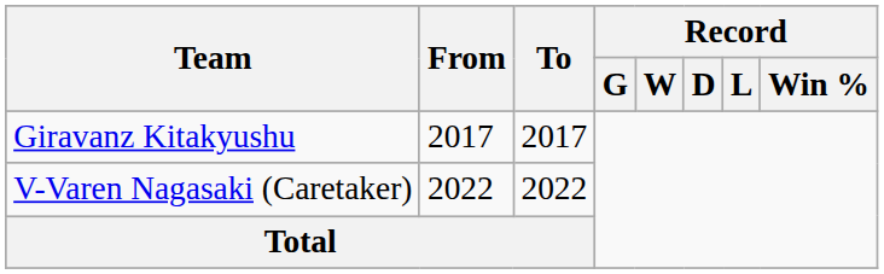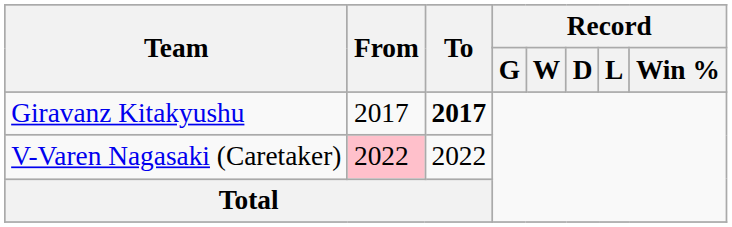 <table class="wikitable" style="text-align: center">
 <tr>
 <th rowspan="2">Team</th>
 <th rowspan="2">From</th>
 <th rowspan="2">To</th>
 <th colspan="5">Record</th>
 </tr>
 <tr>
 <th>G</th>
 <th>W</th>
 <th>D</th>
 <th>L</th>
 <th>Win %</th>
 </tr>
 <tr>
 <td align="left"><a href='#'>Giravanz Kitakyushu</a></td>
 <td align="left">2017</td>
-<td align="left">2017<br></td>
+<td align="left"><strong>2017<br></strong></td>
 </tr>
 <tr>
 <td align="left"><a href='#'>V-Varen Nagasaki</a> (Caretaker)</td>
-<td align="left">2022</td>
+<td align="left" style="background: pink;">2022</td>
 <td align="left">2022<br></td>
 </tr>
 <tr>
 <th colspan="3">Total<br></th>
 </tr>
 </table>
